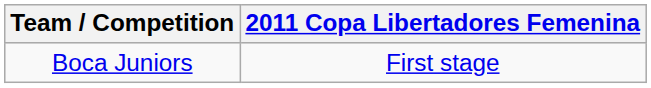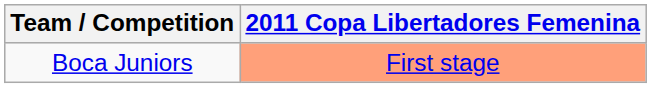 <table class="wikitable">
 <tr>
 <th>Team / Competition</th>
 <th><a href='#'>2011 Copa Libertadores Femenina</a></th>
 </tr>
 <tr align="center">
 <td><a href='#'>Boca Juniors</a></td>
-<td><a href='#'>First stage</a></td>
+<td style="background: lightsalmon;"><a href='#'>First stage</a></td>
 </tr>
 </table>
